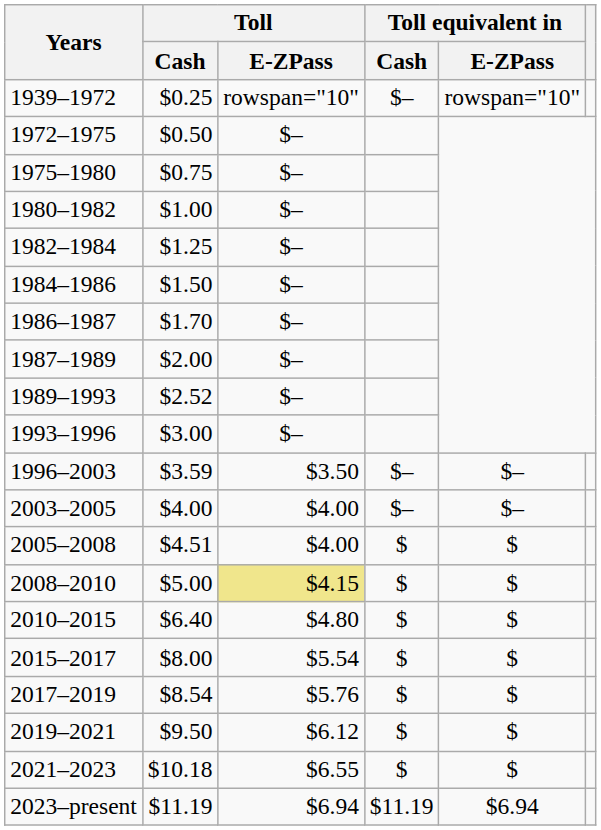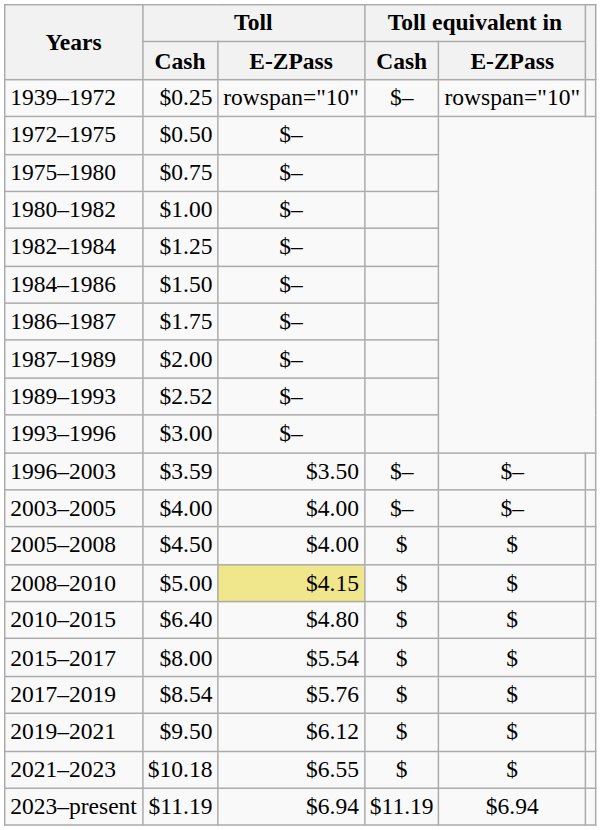 <table class="wikitable sortable">
 <tr>
 <th rowspan="2" scope="col">Years</th>
 <th colspan="2" scope="col">Toll</th>
 <th colspan="2" scope="col">Toll equivalent in </th>
 <th rowspan="2" class="unsortable"></th>
 </tr>
 <tr>
 <th>Cash</th>
 <th>E-ZPass</th>
 <th>Cash</th>
 <th>E-ZPass</th>
 </tr>
 <tr>
 <td>1939–1972</td>
 <td align="right">$0.25</td>
 <td>rowspan="10" </td>
 <td align="center">$–</td>
 <td>rowspan="10" </td>
 <td></td>
 </tr>
 <tr>
 <td>1972–1975</td>
 <td align="right">$0.50</td>
 <td align="center">$–</td>
 <td></td>
 </tr>
 <tr>
 <td>1975–1980</td>
 <td align="right">$0.75</td>
 <td align="center">$–</td>
 <td></td>
 </tr>
 <tr>
 <td>1980–1982</td>
 <td align="right">$1.00</td>
 <td align="center">$–</td>
 <td></td>
 </tr>
 <tr>
 <td>1982–1984</td>
 <td align="right">$1.25</td>
 <td align="center">$–</td>
 <td></td>
 </tr>
 <tr>
 <td>1984–1986</td>
 <td align="right">$1.50</td>
 <td align="center">$–</td>
 <td></td>
 </tr>
 <tr>
 <td>1986–1987</td>
-<td align="right">$1.70</td>
+<td align="right">$1.75</td>
 <td align="center">$–</td>
 <td></td>
 </tr>
 <tr>
 <td>1987–1989</td>
 <td align="right">$2.00</td>
 <td align="center">$–</td>
 <td></td>
 </tr>
 <tr>
 <td>1989–1993</td>
 <td align="right">$2.52</td>
 <td align="center">$–</td>
 <td></td>
 </tr>
 <tr>
 <td>1993–1996</td>
 <td align="right">$3.00</td>
 <td align="center">$–</td>
 <td></td>
 </tr>
 <tr>
 <td>1996–2003</td>
 <td align="right">$3.59</td>
 <td align="right">$3.50</td>
 <td align="center">$–</td>
 <td align="center">$–</td>
 <td></td>
 </tr>
 <tr>
 <td>2003–2005</td>
 <td align="right">$4.00</td>
 <td align="right">$4.00</td>
 <td align="center">$–</td>
 <td align="center">$–</td>
 <td></td>
 </tr>
 <tr>
 <td>2005–2008</td>
-<td align="right">$4.51</td>
+<td align="right">$4.50</td>
 <td align="right">$4.00</td>
 <td align="center">$</td>
 <td align="center">$</td>
 <td></td>
 </tr>
 <tr>
 <td>2008–2010</td>
 <td align="right">$5.00</td>
 <td align="right" style="background: khaki;">$4.15</td>
 <td align="center">$</td>
 <td align="center">$</td>
 <td></td>
 </tr>
 <tr>
 <td>2010–2015</td>
 <td align="right">$6.40</td>
 <td align="right">$4.80</td>
 <td align="center">$</td>
 <td align="center">$</td>
 <td></td>
 </tr>
 <tr>
 <td>2015–2017</td>
 <td align="right">$8.00</td>
 <td align="right">$5.54</td>
 <td align="center">$</td>
 <td align="center">$</td>
 <td></td>
 </tr>
 <tr>
 <td>2017–2019</td>
 <td align="right">$8.54</td>
 <td align="right">$5.76</td>
 <td align="center">$</td>
 <td align="center">$</td>
 <td></td>
 </tr>
 <tr>
 <td>2019–2021</td>
 <td align="right">$9.50</td>
 <td align="right">$6.12</td>
 <td align="center">$</td>
 <td align="center">$</td>
 <td></td>
 </tr>
 <tr>
 <td>2021–2023</td>
 <td align="right">$10.18</td>
 <td align="right">$6.55</td>
 <td align="center">$</td>
 <td align="center">$</td>
 <td></td>
 </tr>
 <tr>
 <td>2023–present</td>
 <td align="right">$11.19</td>
 <td align="right">$6.94</td>
 <td align="center">$11.19</td>
 <td align="center">$6.94</td>
 <td></td>
 </tr>
 </table>
